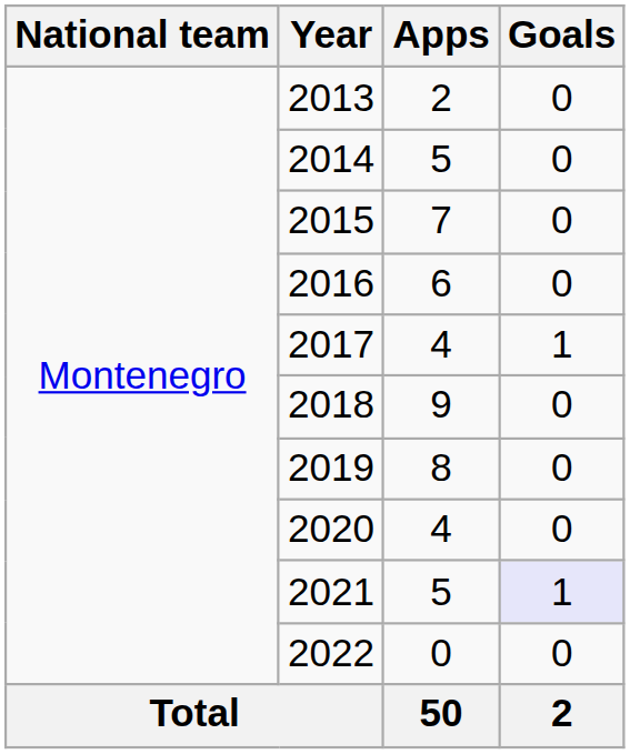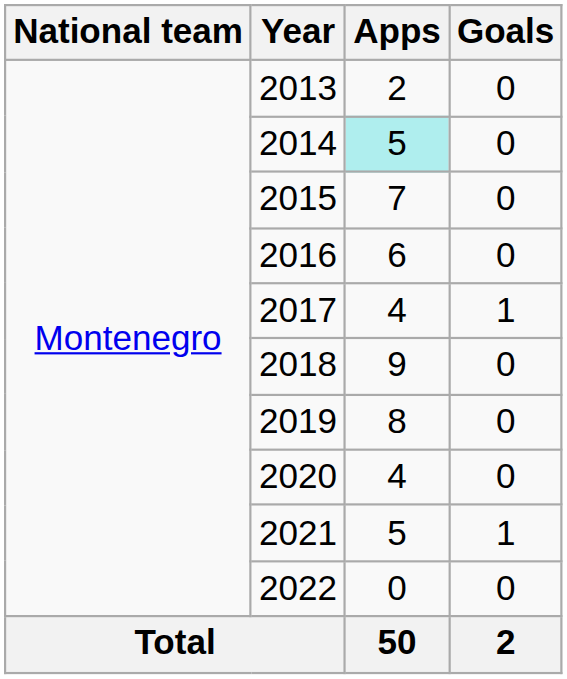 <table class="wikitable" style="text-align:center">
 <tr>
 <th>National team</th>
 <th>Year</th>
 <th>Apps</th>
 <th>Goals</th>
 </tr>
 <tr>
 <td rowspan="10"><a href='#'>Montenegro</a></td>
 <td>2013</td>
 <td>2</td>
 <td>0</td>
 </tr>
 <tr>
 <td>2014</td>
-<td>5</td>
+<td style="background: paleturquoise;">5</td>
 <td>0</td>
 </tr>
 <tr>
 <td>2015</td>
 <td>7</td>
 <td>0</td>
 </tr>
 <tr>
 <td>2016</td>
 <td>6</td>
 <td>0</td>
 </tr>
 <tr>
 <td>2017</td>
 <td>4</td>
 <td>1</td>
 </tr>
 <tr>
 <td>2018</td>
 <td>9</td>
 <td>0</td>
 </tr>
 <tr>
 <td>2019</td>
 <td>8</td>
 <td>0</td>
 </tr>
 <tr>
 <td>2020</td>
 <td>4</td>
 <td>0</td>
 </tr>
 <tr>
 <td>2021</td>
 <td>5</td>
-<td style="background: lavender;">1</td>
+<td>1</td>
 </tr>
 <tr>
 <td>2022</td>
 <td>0</td>
 <td>0</td>
 </tr>
 <tr>
 <th colspan="2">Total</th>
 <th>50</th>
 <th>2</th>
 </tr>
 </table>
